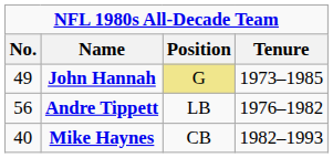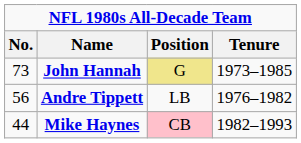 <table class="wikitable" style="text-align:center">
 <tr>
 <td colspan="4"><strong><a href='#'><span><u>NFL 1980s All-Decade Team</u></span></a></strong></td>
 </tr>
 <tr>
 <th>No.</th>
 <th>Name</th>
 <th>Position</th>
 <th>Tenure</th>
 </tr>
 <tr>
-<td>49</td>
+<td>73</td>
 <td><strong><a href='#'>John Hannah</a></strong></td>
 <td style="background: khaki;">G</td>
 <td>1973–1985</td>
 </tr>
 <tr>
 <td>56</td>
 <td><strong><a href='#'>Andre Tippett</a></strong></td>
 <td>LB</td>
 <td>1976–1982</td>
 </tr>
 <tr>
-<td>40</td>
+<td>44</td>
 <td><strong><a href='#'>Mike Haynes</a></strong></td>
-<td>CB</td>
+<td style="background: pink;">CB</td>
 <td>1982–1993</td>
 </tr>
 </table>
